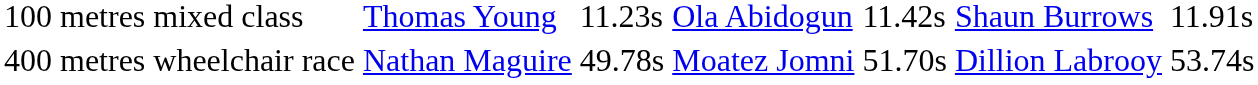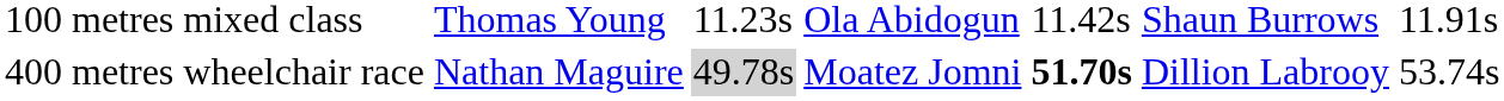 <table>
 <tr>
 <td>100 metres mixed class</td>
 <td><a href='#'>Thomas Young</a></td>
 <td>11.23s</td>
 <td><a href='#'>Ola Abidogun</a></td>
 <td>11.42s</td>
 <td><a href='#'>Shaun Burrows</a></td>
 <td>11.91s</td>
 </tr>
 <tr>
 <td>400 metres wheelchair race</td>
 <td><a href='#'>Nathan Maguire</a></td>
-<td>49.78s</td>
+<td style="background: lightgrey;">49.78s</td>
 <td><a href='#'>Moatez Jomni</a></td>
-<td>51.70s</td>
+<td><strong>51.70s</strong></td>
 <td><a href='#'>Dillion Labrooy</a></td>
 <td>53.74s</td>
 </tr>
 </table>
